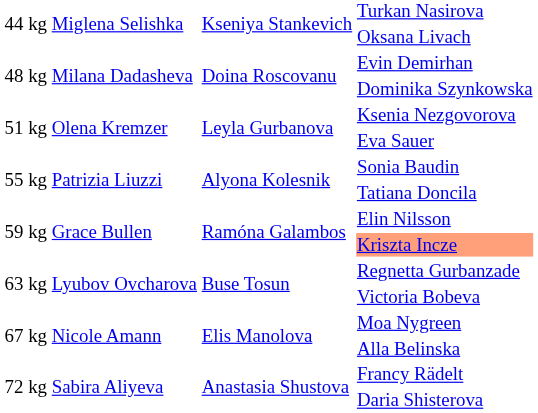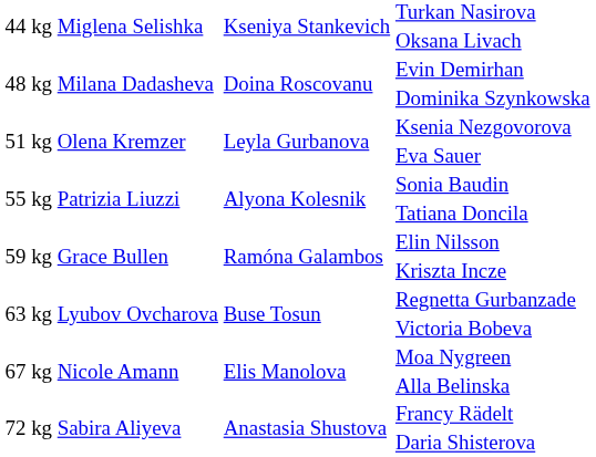 <table>
 <tr>
 <td rowspan=2>44 kg</td>
 <td rowspan=2> <a href='#'>Miglena Selishka</a></td>
 <td rowspan=2> <a href='#'>Kseniya Stankevich</a></td>
 <td> <a href='#'>Turkan Nasirova</a></td>
 </tr>
 <tr>
 <td> <a href='#'>Oksana Livach</a></td>
 </tr>
 <tr>
 <td rowspan=2>48 kg</td>
 <td rowspan=2> <a href='#'>Milana Dadasheva</a></td>
 <td rowspan=2> <a href='#'>Doina Roscovanu</a></td>
 <td> <a href='#'>Evin Demirhan</a></td>
 </tr>
 <tr>
 <td> <a href='#'>Dominika Szynkowska</a></td>
 </tr>
 <tr>
 <td rowspan=2>51 kg</td>
 <td rowspan=2> <a href='#'>Olena Kremzer</a></td>
 <td rowspan=2> <a href='#'>Leyla Gurbanova</a></td>
 <td> <a href='#'>Ksenia Nezgovorova</a></td>
 </tr>
 <tr>
 <td> <a href='#'>Eva Sauer</a></td>
 </tr>
 <tr>
 <td rowspan=2>55 kg</td>
 <td rowspan=2> <a href='#'>Patrizia Liuzzi</a></td>
 <td rowspan=2> <a href='#'>Alyona Kolesnik</a></td>
 <td> <a href='#'>Sonia Baudin</a></td>
 </tr>
 <tr>
 <td> <a href='#'>Tatiana Doncila</a></td>
 </tr>
 <tr>
 <td rowspan=2>59 kg</td>
 <td rowspan=2> <a href='#'>Grace Bullen</a></td>
 <td rowspan=2> <a href='#'>Ramóna Galambos</a></td>
 <td> <a href='#'>Elin Nilsson</a></td>
 </tr>
 <tr>
-<td style="background: lightsalmon;"> <a href='#'>Kriszta Incze</a></td>
+<td> <a href='#'>Kriszta Incze</a></td>
 </tr>
 <tr>
 <td rowspan=2>63 kg</td>
 <td rowspan=2> <a href='#'>Lyubov Ovcharova</a></td>
 <td rowspan=2> <a href='#'>Buse Tosun</a></td>
 <td> <a href='#'>Regnetta Gurbanzade</a></td>
 </tr>
 <tr>
 <td> <a href='#'>Victoria Bobeva</a></td>
 </tr>
 <tr>
 <td rowspan=2>67 kg</td>
 <td rowspan=2> <a href='#'>Nicole Amann</a></td>
 <td rowspan=2> <a href='#'>Elis Manolova</a></td>
 <td> <a href='#'>Moa Nygreen</a></td>
 </tr>
 <tr>
 <td> <a href='#'>Alla Belinska</a></td>
 </tr>
 <tr>
 <td rowspan=2>72 kg</td>
 <td rowspan=2> <a href='#'>Sabira Aliyeva</a></td>
 <td rowspan=2> <a href='#'>Anastasia Shustova</a></td>
 <td> <a href='#'>Francy Rädelt</a></td>
 </tr>
 <tr>
 <td> <a href='#'>Daria Shisterova</a></td>
 </tr>
 </table>
